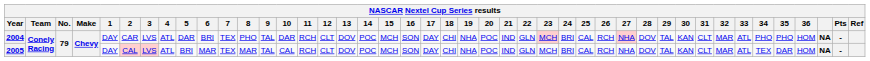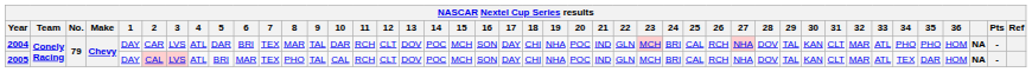 <table class="wikitable" style="text-align:center; font-size:75%">
 <tr>
 <th colspan=45><a href='#'>NASCAR</a> <a href='#'>Nextel Cup Series</a> results</th>
 </tr>
 <tr>
 <th>Year</th>
 <th>Team</th>
 <th>No.</th>
 <th>Make</th>
 <th>1</th>
 <th>2</th>
 <th>3</th>
 <th>4</th>
 <th>5</th>
 <th>6</th>
 <th>7</th>
 <th>8</th>
 <th>9</th>
 <th>10</th>
 <th>11</th>
 <th>12</th>
 <th>13</th>
 <th>14</th>
 <th>15</th>
 <th>16</th>
 <th>17</th>
 <th>18</th>
 <th>19</th>
 <th>20</th>
 <th>21</th>
 <th>22</th>
 <th>23</th>
 <th>24</th>
 <th>25</th>
 <th>26</th>
 <th>27</th>
 <th>28</th>
 <th>29</th>
 <th>30</th>
 <th>31</th>
 <th>32</th>
 <th>33</th>
 <th>34</th>
 <th>35</th>
 <th>36</th>
 <th></th>
 <th>Pts</th>
 <th>Ref</th>
 </tr>
 <tr>
 <th><a href='#'>2004</a></th>
 <th rowspan=2><a href='#'>Conely Racing</a></th>
 <th rowspan=2>79</th>
 <th rowspan=2><a href='#'>Chevy</a></th>
 <td><a href='#'>DAY</a></td>
 <td><a href='#'>CAR</a></td>
 <td><a href='#'>LVS</a></td>
 <td><a href='#'>ATL</a></td>
 <td><a href='#'>DAR</a></td>
 <td><a href='#'>BRI</a></td>
 <td><a href='#'>TEX</a></td>
-<td><a href='#'>PHO</a></td>
+<td><a href='#'>MAR</a></td>
 <td><a href='#'>TAL</a></td>
 <td><a href='#'>DAR</a></td>
 <td><a href='#'>RCH</a></td>
 <td><a href='#'>CLT</a></td>
 <td><a href='#'>DOV</a></td>
 <td><a href='#'>POC</a></td>
 <td><a href='#'>MCH</a></td>
 <td><a href='#'>SON</a></td>
 <td><a href='#'>DAY</a></td>
 <td><a href='#'>CHI</a></td>
 <td><a href='#'>NHA</a></td>
 <td><a href='#'>POC</a></td>
 <td><a href='#'>IND</a></td>
 <td><a href='#'>GLN</a></td>
 <td style="background:#FFCFCF;"><a href='#'>MCH</a><br></td>
 <td><a href='#'>BRI</a></td>
 <td><a href='#'>CAL</a></td>
 <td><a href='#'>RCH</a></td>
 <td style="background:#FFCFCF;"><a href='#'>NHA</a><br></td>
 <td><a href='#'>DOV</a></td>
 <td><a href='#'>TAL</a></td>
 <td><a href='#'>KAN</a></td>
 <td><a href='#'>CLT</a></td>
 <td><a href='#'>MAR</a></td>
 <td><a href='#'>ATL</a></td>
 <td><a href='#'>PHO</a></td>
 <td><a href='#'>PHO</a></td>
 <td><a href='#'>HOM</a></td>
 <th>NA</th>
 <th>-</th>
 <th></th>
 </tr>
 <tr>
 <th><a href='#'>2005</a></th>
 <td><a href='#'>DAY</a></td>
 <td style="background:#FFCFCF;"><a href='#'>CAL</a><br></td>
 <td style="background:#FFCFCF;"><a href='#'>LVS</a><br></td>
 <td><a href='#'>ATL</a></td>
 <td><a href='#'>BRI</a></td>
 <td><a href='#'>MAR</a></td>
 <td><a href='#'>TEX</a></td>
-<td><a href='#'>MAR</a></td>
+<td><a href='#'>PHO</a></td>
 <td><a href='#'>TAL</a></td>
 <td><a href='#'>CAL</a></td>
 <td><a href='#'>RCH</a></td>
 <td><a href='#'>CLT</a></td>
 <td><a href='#'>DOV</a></td>
 <td><a href='#'>POC</a></td>
 <td><a href='#'>MCH</a></td>
 <td><a href='#'>SON</a></td>
 <td><a href='#'>DAY</a></td>
 <td><a href='#'>CHI</a></td>
 <td><a href='#'>NHA</a></td>
 <td><a href='#'>POC</a></td>
 <td><a href='#'>IND</a></td>
 <td><a href='#'>GLN</a></td>
 <td><a href='#'>MCH</a></td>
 <td><a href='#'>BRI</a></td>
 <td><a href='#'>CAL</a></td>
 <td><a href='#'>RCH</a></td>
 <td><a href='#'>NHA</a></td>
 <td><a href='#'>DOV</a></td>
 <td><a href='#'>TAL</a></td>
 <td><a href='#'>KAN</a></td>
 <td><a href='#'>CLT</a></td>
 <td><a href='#'>MAR</a></td>
 <td><a href='#'>ATL</a></td>
 <td><a href='#'>TEX</a></td>
 <td><a href='#'>DAR</a></td>
 <td><a href='#'>HOM</a></td>
 <th>NA</th>
 <th>-</th>
 <th></th>
 </tr>
 </table>
